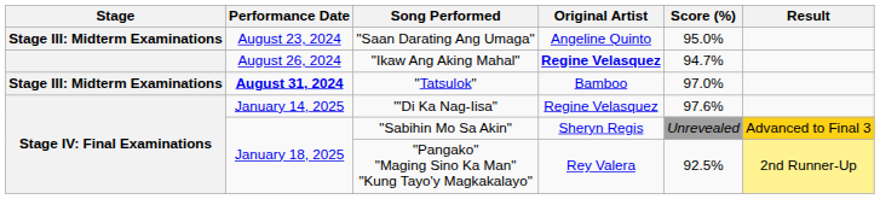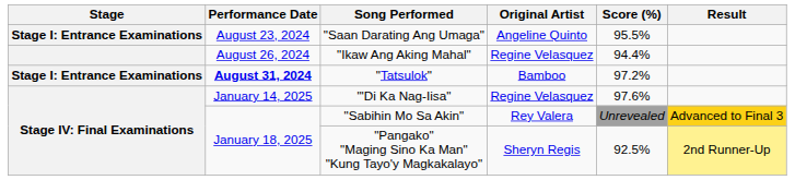 <table class="wikitable sortable" style="margin:1em auto; text-align:center;">
 <tr>
 <th>Stage</th>
 <th>Performance Date</th>
 <th>Song Performed</th>
 <th>Original Artist</th>
 <th>Score (%)</th>
 <th>Result</th>
 </tr>
 <tr>
-<th>Stage III: Midterm Examinations<br></th>
+<th>Stage I: Entrance Examinations<br></th>
 <td><a href='#'>August 23, 2024</a></td>
 <td>"Saan Darating Ang Umaga"</td>
 <td><a href='#'>Angeline Quinto</a></td>
-<td>95.0%</td>
+<td>95.5%</td>
 <td></td>
 </tr>
 <tr>
 <th></th>
 <td><a href='#'>August 26, 2024</a></td>
 <td>"Ikaw Ang Aking Mahal"</td>
-<td><strong><a href='#'>Regine Velasquez</a></strong></td>
-<td>94.7%</td>
+<td><a href='#'>Regine Velasquez</a></td>
+<td>94.4%</td>
 <td></td>
 </tr>
 <tr>
-<th>Stage III: Midterm Examinations<br></th>
+<th>Stage I: Entrance Examinations<br></th>
 <td><strong><a href='#'>August 31, 2024</a></strong></td>
 <td>"<a href='#'>Tatsulok</a>"</td>
 <td><a href='#'>Bamboo</a></td>
-<td>97.0%</td>
+<td>97.2%</td>
 <td></td>
 </tr>
 <tr>
 <th rowspan="3">Stage IV: Final Examinations<br></th>
 <td><a href='#'>January 14, 2025</a></td>
 <td>"'Di Ka Nag-Iisa"</td>
 <td><a href='#'>Regine Velasquez</a></td>
 <td>97.6%</td>
 <td></td>
 </tr>
 <tr>
 <td rowspan="2"><a href='#'>January 18, 2025</a></td>
 <td>"Sabihin Mo Sa Akin"</td>
-<td><a href='#'>Sheryn Regis</a></td>
+<td><a href='#'>Rey Valera</a></td>
 <td style="background:#a0a0a0"><em>Unrevealed</em></td>
 <td style="background:#FCD116">Advanced to Final 3</td>
 </tr>
 <tr>
 <td>"Pangako"<br>"Maging Sino Ka Man"<br>"Kung Tayo'y Magkakalayo"</td>
-<td><a href='#'>Rey Valera</a></td>
+<td><a href='#'>Sheryn Regis</a></td>
 <td>92.5%</td>
 <td style="background-color:#fff291">2nd Runner-Up</td>
 </tr>
 </table>
